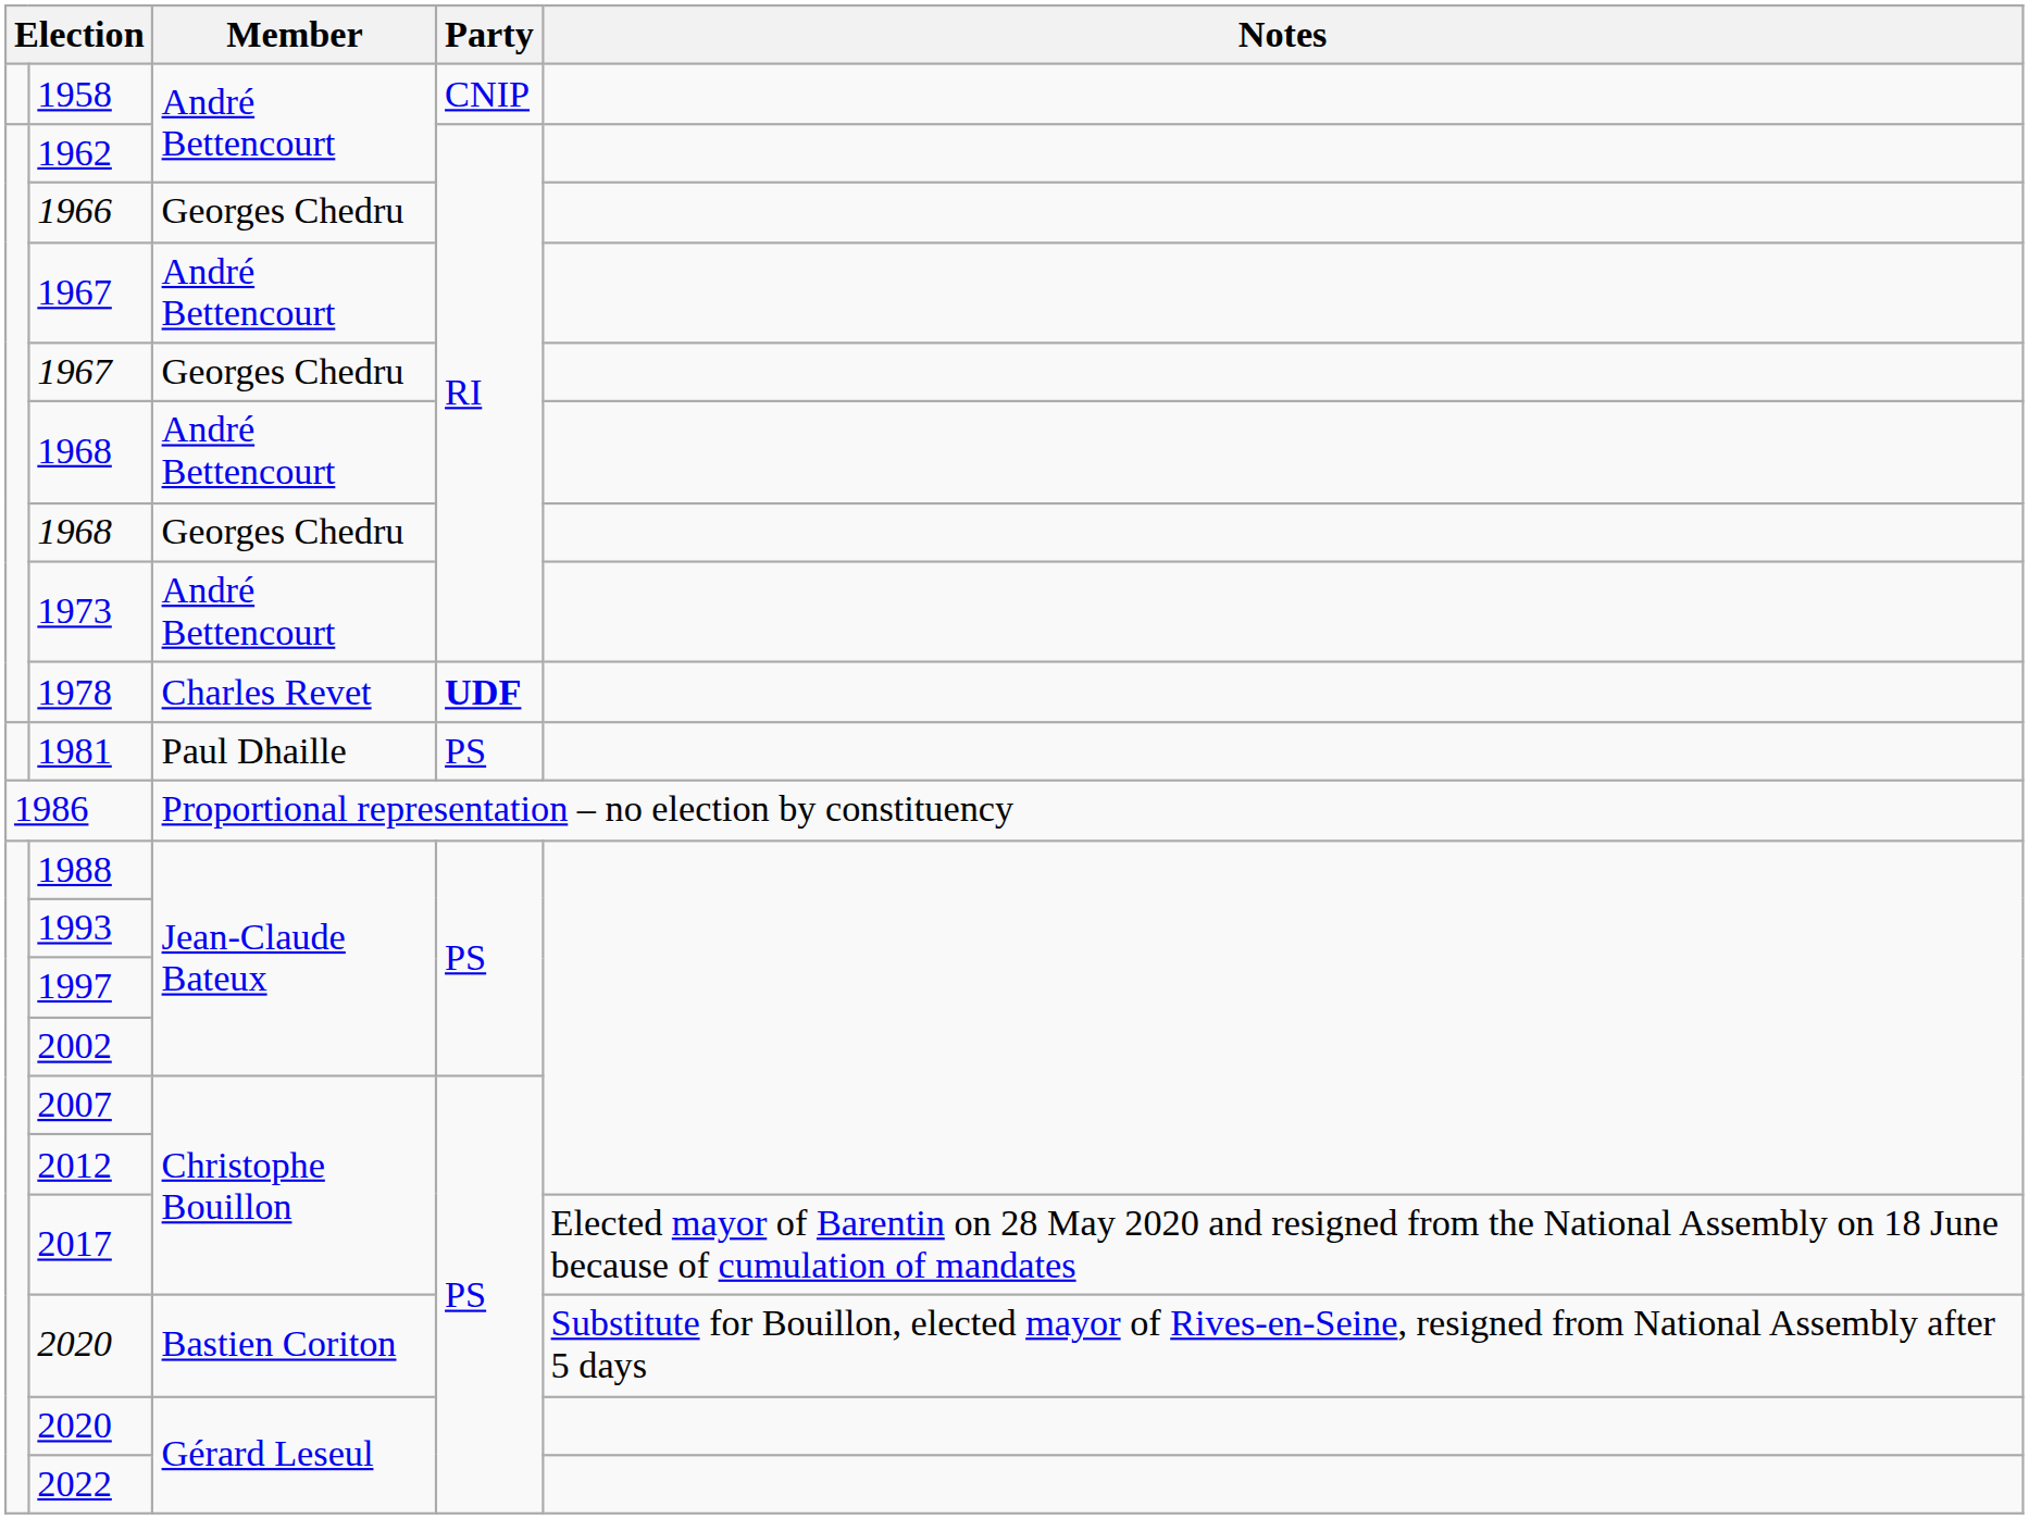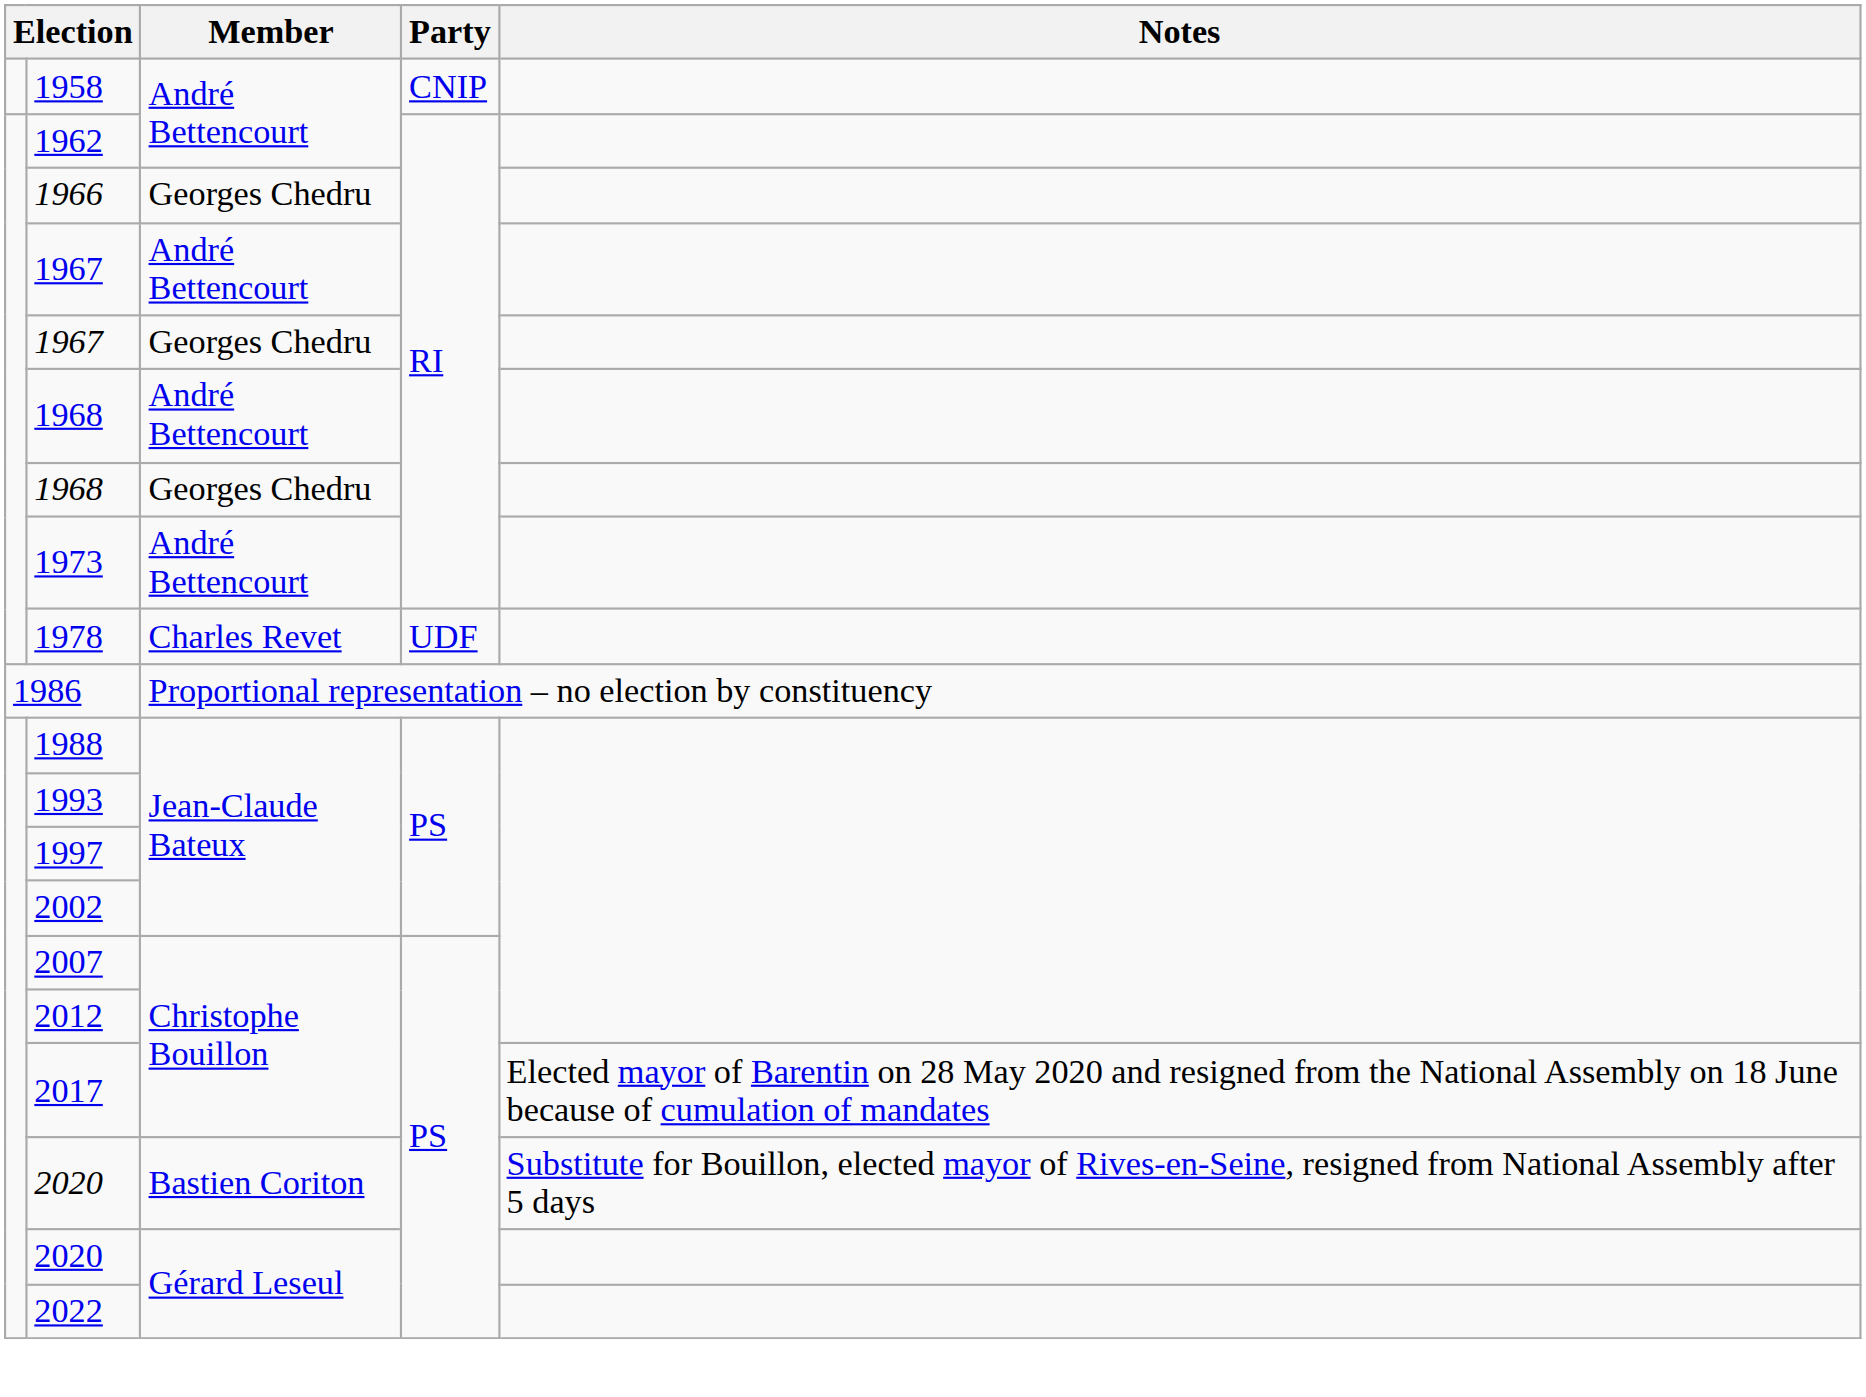 <table class="wikitable">
 <tr>
 <th colspan="2">Election</th>
 <th>Member</th>
 <th>Party</th>
 <th>Notes</th>
 </tr>
 <tr>
 <td style="background-color: "></td>
 <td><a href='#'>1958</a></td>
 <td rowspan="2"><a href='#'>André Bettencourt</a></td>
 <td><a href='#'>CNIP</a></td>
 <td></td>
 </tr>
 <tr>
 <td rowspan="8" style="background-color: "></td>
 <td><a href='#'>1962</a></td>
 <td rowspan="7"><a href='#'>RI</a></td>
 <td></td>
 </tr>
 <tr>
 <td><em>1966</em></td>
 <td>Georges Chedru</td>
 <td></td>
 </tr>
 <tr>
 <td><a href='#'>1967</a></td>
 <td><a href='#'>André Bettencourt</a></td>
 <td></td>
 </tr>
 <tr>
 <td><em>1967</em></td>
 <td>Georges Chedru</td>
 <td></td>
 </tr>
 <tr>
 <td><a href='#'>1968</a></td>
 <td><a href='#'>André Bettencourt</a></td>
 <td></td>
 </tr>
 <tr>
 <td><em>1968</em></td>
 <td>Georges Chedru</td>
 <td></td>
 </tr>
 <tr>
 <td><a href='#'>1973</a></td>
 <td><a href='#'>André Bettencourt</a></td>
 <td></td>
 </tr>
 <tr>
 <td><a href='#'>1978</a></td>
 <td><a href='#'>Charles Revet</a></td>
-<td><strong><a href='#'>UDF</a></strong></td>
-<td></td>
-</tr>
-<tr>
-<td style="background-color: "></td>
-<td><a href='#'>1981</a></td>
-<td>Paul Dhaille</td>
-<td><a href='#'>PS</a></td>
+<td><a href='#'>UDF</a></td>
 <td></td>
 </tr>
 <tr>
 <td colspan="2"><a href='#'>1986</a></td>
 <td colspan="3"><a href='#'>Proportional representation</a> – no election by constituency</td>
 </tr>
 <tr>
 <td rowspan="10" style="background-color: "></td>
 <td><a href='#'>1988</a></td>
 <td rowspan="4"><a href='#'>Jean-Claude Bateux</a></td>
 <td rowspan="4"><a href='#'>PS</a></td>
 </tr>
 <tr>
 <td><a href='#'>1993</a></td>
 </tr>
 <tr>
 <td><a href='#'>1997</a></td>
 </tr>
 <tr>
 <td><a href='#'>2002</a></td>
 </tr>
 <tr>
 <td><a href='#'>2007</a></td>
 <td rowspan="3"><a href='#'>Christophe Bouillon</a></td>
 <td rowspan="6"><a href='#'>PS</a></td>
 </tr>
 <tr>
 <td><a href='#'>2012</a></td>
 </tr>
 <tr>
 <td><a href='#'>2017</a></td>
 <td>Elected <a href='#'>mayor</a> of <a href='#'>Barentin</a> on 28 May 2020 and resigned from the National Assembly on 18 June because of <a href='#'>cumulation of mandates</a></td>
 </tr>
 <tr>
 <td><em>2020</em></td>
 <td><a href='#'>Bastien Coriton</a></td>
 <td><a href='#'>Substitute</a> for Bouillon, elected <a href='#'>mayor</a> of <a href='#'>Rives-en-Seine</a>, resigned from National Assembly after 5 days</td>
 </tr>
 <tr>
 <td><a href='#'>2020</a></td>
 <td rowspan="2"><a href='#'>Gérard Leseul</a></td>
 </tr>
 <tr>
 <td><a href='#'>2022</a></td>
 <td></td>
 </tr>
 </table>
